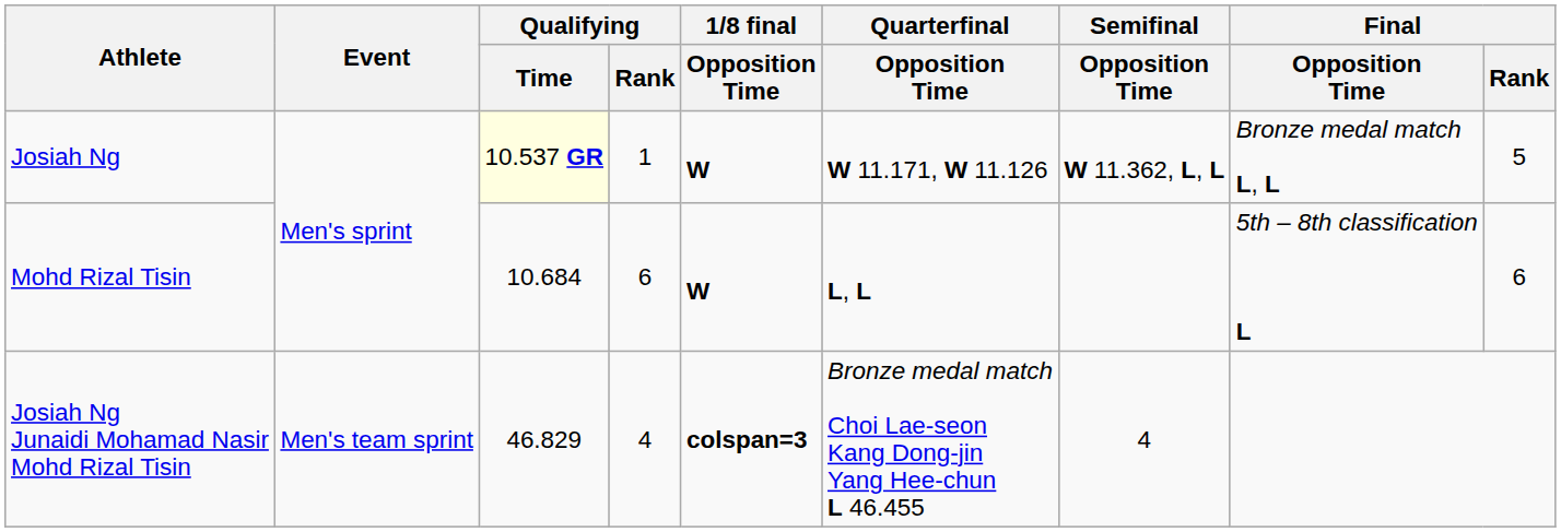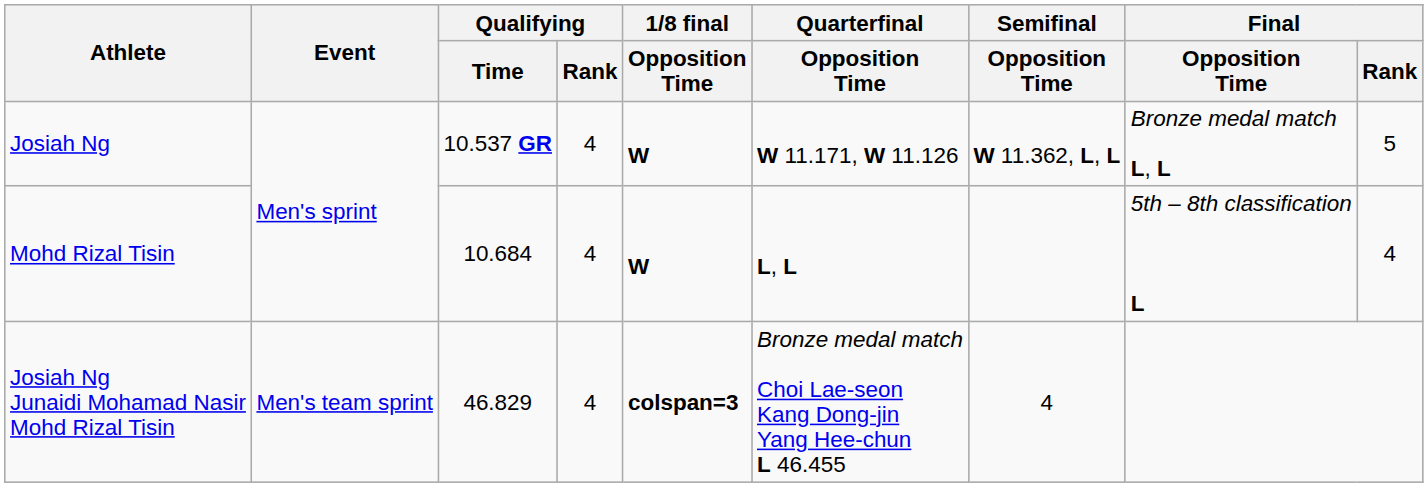 <table class=wikitable style="text-align:left; font-size:90%">
 <tr>
 <th rowspan=2 align=center>Athlete</th>
 <th rowspan=2 align=center>Event</th>
 <th colspan=2 align=center>Qualifying</th>
 <th align=center>1/8 final</th>
 <th align=center>Quarterfinal</th>
 <th align=center>Semifinal</th>
 <th colspan=2 align=center>Final</th>
 </tr>
 <tr>
 <th align=center>Time</th>
 <th align=center>Rank</th>
 <th align=center>Opposition<br>Time</th>
 <th align=center>Opposition<br>Time</th>
 <th align=center>Opposition<br>Time</th>
 <th align=center>Opposition<br>Time</th>
 <th align=center>Rank</th>
 </tr>
 <tr>
 <td><a href='#'>Josiah Ng</a></td>
 <td rowspan=2><a href='#'>Men's sprint</a></td>
-<td align=center style="background: lightyellow;">10.537 <strong><a href='#'>GR</a></strong></td>
-<td align=center>1 <strong></strong></td>
+<td align=center>10.537 <strong><a href='#'>GR</a></strong></td>
+<td align=center>4 <strong></strong></td>
 <td><br><strong>W</strong></td>
 <td><br><strong>W</strong> 11.171, <strong>W</strong> 11.126</td>
 <td><br><strong>W</strong> 11.362, <strong>L</strong>, <strong>L</strong></td>
 <td><em>Bronze medal match</em><br><br><strong>L</strong>, <strong>L</strong></td>
 <td align=center>5</td>
 </tr>
 <tr>
 <td align=left><a href='#'>Mohd Rizal Tisin</a></td>
 <td align=center>10.684</td>
-<td align=center>6 <strong></strong></td>
+<td align=center>4 <strong></strong></td>
 <td><br><strong>W</strong></td>
 <td><br><strong>L</strong>, <strong>L</strong></td>
 <td></td>
 <td><em>5th – 8th classification</em><br><br><br><br><strong>L</strong></td>
-<td align=center>6</td>
+<td align=center>4</td>
 </tr>
 <tr>
 <td align=left><a href='#'>Josiah Ng</a><br><a href='#'>Junaidi Mohamad Nasir</a><br><a href='#'>Mohd Rizal Tisin</a></td>
 <td align=left><a href='#'>Men's team sprint</a></td>
 <td align=center>46.829</td>
 <td align=center>4 <strong></strong></td>
 <td><strong>colspan=3 </strong></td>
 <td align=left><em>Bronze medal match</em><br><br><a href='#'>Choi Lae-seon</a><br><a href='#'>Kang Dong-jin</a><br><a href='#'>Yang Hee-chun</a><br><strong>L</strong> 46.455</td>
 <td align=center>4</td>
 </tr>
 </table>
